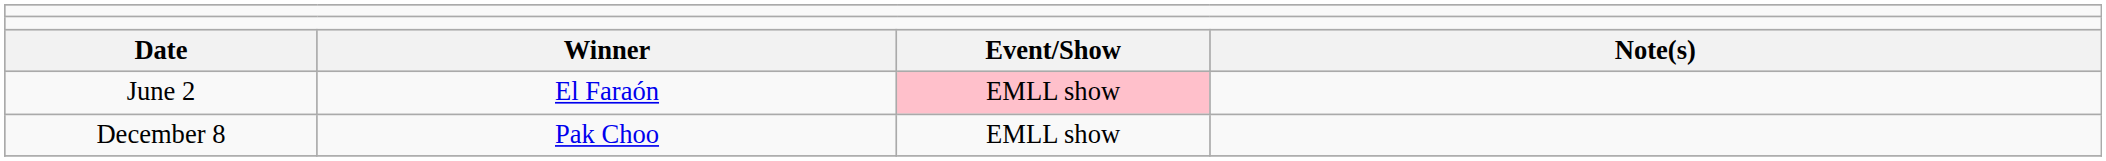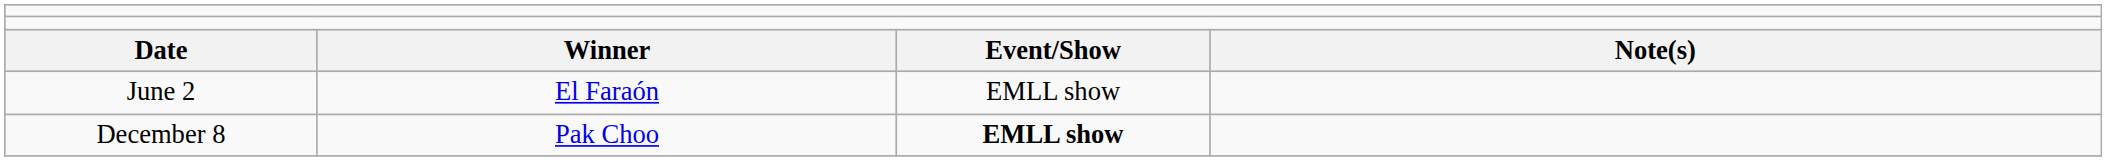 <table class="wikitable" style="text-align:center; width:100%;">
 <tr>
 <td colspan=5></td>
 </tr>
 <tr>
 <td colspan=5><strong></strong></td>
 </tr>
 <tr>
 <th width=14%>Date</th>
 <th width=26%>Winner</th>
 <th width=14%>Event/Show</th>
 <th width=40%>Note(s)</th>
 </tr>
 <tr>
 <td>June 2</td>
 <td><a href='#'>El Faraón</a></td>
-<td style="background: pink;">EMLL show</td>
+<td>EMLL show</td>
 <td></td>
 </tr>
 <tr>
 <td>December 8</td>
 <td><a href='#'>Pak Choo</a></td>
-<td>EMLL show</td>
+<td><strong>EMLL show</strong></td>
 <td></td>
 </tr>
 </table>
